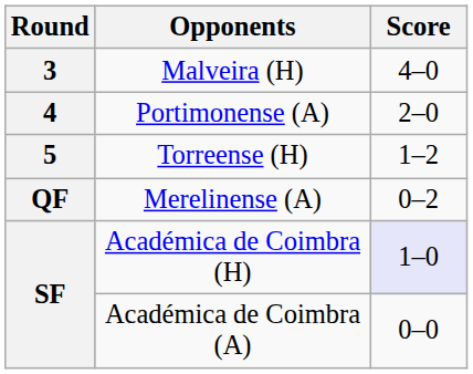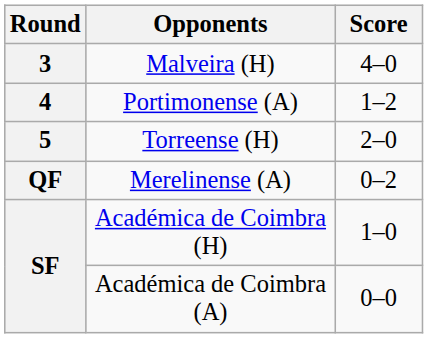 <table class="wikitable plainrowheaders" style="text-align:center;margin-left:1em;float:right">
 <tr>
 <th scope="col" style="width:25px;">Round</th>
 <th scope="col" style="width:155px;">Opponents</th>
 <th scope="col" style="width:50px;">Score</th>
 </tr>
 <tr>
 <th scope=row style="text-align:center">3</th>
 <td><a href='#'>Malveira</a> (H)</td>
 <td>4–0</td>
 </tr>
 <tr>
 <th scope=row style="text-align:center">4</th>
 <td><a href='#'>Portimonense</a> (A)</td>
-<td>2–0</td>
+<td>1–2</td>
 </tr>
 <tr>
 <th scope=row style="text-align:center">5</th>
 <td><a href='#'>Torreense</a> (H)</td>
-<td>1–2</td>
+<td>2–0</td>
 </tr>
 <tr>
 <th scope=row style="text-align:center">QF</th>
 <td><a href='#'>Merelinense</a> (A)</td>
 <td>0–2</td>
 </tr>
 <tr>
 <th scope=row style="text-align:center" rowspan="2">SF</th>
 <td><a href='#'>Académica de Coimbra</a> (H)</td>
-<td style="background: lavender;">1–0</td>
+<td>1–0</td>
 </tr>
 <tr>
 <td>Académica de Coimbra (A)</td>
 <td>0–0</td>
 </tr>
 </table>
